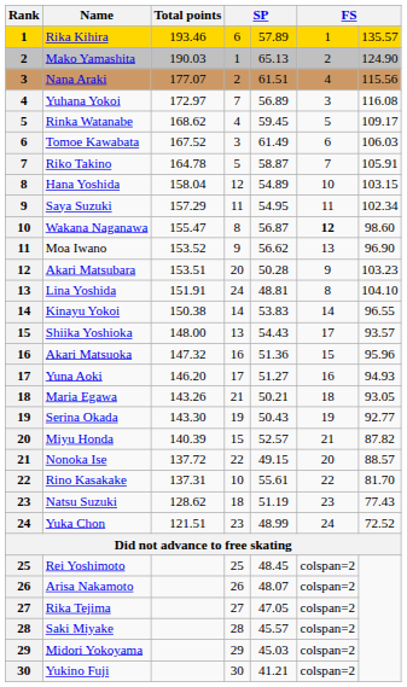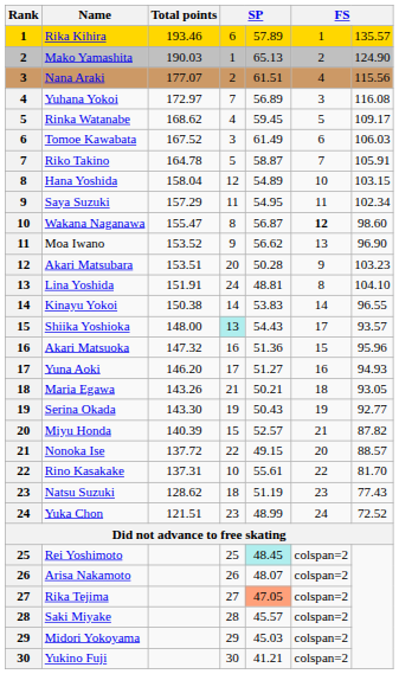 <table class="wikitable sortable">
 <tr>
 <th>Rank</th>
 <th>Name</th>
 <th>Total points</th>
 <th colspan="2" width="80px"><a href='#'>SP</a></th>
 <th colspan="2" width="80px"><a href='#'>FS</a></th>
 </tr>
 <tr bgcolor="gold">
 <td align="center"><strong>1</strong></td>
 <td><a href='#'>Rika Kihira</a></td>
 <td align="center">193.46</td>
 <td align="center">6</td>
 <td align="center">57.89</td>
 <td align="center">1</td>
 <td align="center">135.57</td>
 </tr>
 <tr bgcolor="silver">
 <td align="center"><strong>2</strong></td>
 <td><a href='#'>Mako Yamashita</a></td>
 <td align="center">190.03</td>
 <td align="center">1</td>
 <td align="center">65.13</td>
 <td align="center">2</td>
 <td align="center">124.90</td>
 </tr>
 <tr bgcolor="cc9966">
 <td align="center"><strong>3</strong></td>
 <td><a href='#'>Nana Araki</a></td>
 <td align="center">177.07</td>
 <td align="center">2</td>
 <td align="center">61.51</td>
 <td align="center">4</td>
 <td align="center">115.56</td>
 </tr>
 <tr>
 <th>4</th>
 <td><a href='#'>Yuhana Yokoi</a></td>
 <td align="center">172.97</td>
 <td align="center">7</td>
 <td align="center">56.89</td>
 <td align="center">3</td>
 <td align="center">116.08</td>
 </tr>
 <tr>
 <th>5</th>
 <td><a href='#'>Rinka Watanabe</a></td>
 <td align="center">168.62</td>
 <td align="center">4</td>
 <td align="center">59.45</td>
 <td align="center">5</td>
 <td align="center">109.17</td>
 </tr>
 <tr>
 <th>6</th>
 <td><a href='#'>Tomoe Kawabata</a></td>
 <td align="center">167.52</td>
 <td align="center">3</td>
 <td align="center">61.49</td>
 <td align="center">6</td>
 <td align="center">106.03</td>
 </tr>
 <tr>
 <th>7</th>
 <td><a href='#'>Riko Takino</a></td>
 <td align="center">164.78</td>
 <td align="center">5</td>
 <td align="center">58.87</td>
 <td align="center">7</td>
 <td align="center">105.91</td>
 </tr>
 <tr>
 <th>8</th>
 <td><a href='#'>Hana Yoshida</a></td>
 <td align="center">158.04</td>
 <td align="center">12</td>
 <td align="center">54.89</td>
 <td align="center">10</td>
 <td align="center">103.15</td>
 </tr>
 <tr>
 <th>9</th>
 <td><a href='#'>Saya Suzuki</a></td>
 <td align="center">157.29</td>
 <td align="center">11</td>
 <td align="center">54.95</td>
 <td align="center">11</td>
 <td align="center">102.34</td>
 </tr>
 <tr>
 <th>10</th>
 <td><a href='#'>Wakana Naganawa</a></td>
 <td align="center">155.47</td>
 <td align="center">8</td>
 <td align="center">56.87</td>
 <td align="center"><strong>12</strong></td>
 <td align="center">98.60</td>
 </tr>
 <tr>
 <th>11</th>
 <td>Moa Iwano</td>
 <td align="center">153.52</td>
 <td align="center">9</td>
 <td align="center">56.62</td>
 <td align="center">13</td>
 <td align="center">96.90</td>
 </tr>
 <tr>
 <th>12</th>
 <td><a href='#'>Akari Matsubara</a></td>
 <td align="center">153.51</td>
 <td align="center">20</td>
 <td align="center">50.28</td>
 <td align="center">9</td>
 <td align="center">103.23</td>
 </tr>
 <tr>
 <th>13</th>
 <td><a href='#'>Lina Yoshida</a></td>
 <td align="center">151.91</td>
 <td align="center">24</td>
 <td align="center">48.81</td>
 <td align="center">8</td>
 <td align="center">104.10</td>
 </tr>
 <tr>
 <th>14</th>
 <td><a href='#'>Kinayu Yokoi</a></td>
 <td align="center">150.38</td>
 <td align="center">14</td>
 <td align="center">53.83</td>
 <td align="center">14</td>
 <td align="center">96.55</td>
 </tr>
 <tr>
 <th>15</th>
 <td><a href='#'>Shiika Yoshioka</a></td>
 <td align="center">148.00</td>
-<td align="center">13</td>
+<td align="center" style="background: paleturquoise;">13</td>
 <td align="center">54.43</td>
 <td align="center">17</td>
 <td align="center">93.57</td>
 </tr>
 <tr>
 <th>16</th>
 <td><a href='#'>Akari Matsuoka</a></td>
 <td align="center">147.32</td>
 <td align="center">16</td>
 <td align="center">51.36</td>
 <td align="center">15</td>
 <td align="center">95.96</td>
 </tr>
 <tr>
 <th>17</th>
 <td><a href='#'>Yuna Aoki</a></td>
 <td align="center">146.20</td>
 <td align="center">17</td>
 <td align="center">51.27</td>
 <td align="center">16</td>
 <td align="center">94.93</td>
 </tr>
 <tr>
 <th>18</th>
 <td><a href='#'>Maria Egawa</a></td>
 <td align="center">143.26</td>
 <td align="center">21</td>
 <td align="center">50.21</td>
 <td align="center">18</td>
 <td align="center">93.05</td>
 </tr>
 <tr>
 <th>19</th>
 <td><a href='#'>Serina Okada</a></td>
 <td align="center">143.30</td>
 <td align="center">19</td>
 <td align="center">50.43</td>
 <td align="center">19</td>
 <td align="center">92.77</td>
 </tr>
 <tr>
 <th>20</th>
 <td><a href='#'>Miyu Honda</a></td>
 <td align="center">140.39</td>
 <td align="center">15</td>
 <td align="center">52.57</td>
 <td align="center">21</td>
 <td align="center">87.82</td>
 </tr>
 <tr>
 <th>21</th>
 <td><a href='#'>Nonoka Ise</a></td>
 <td align="center">137.72</td>
 <td align="center">22</td>
 <td align="center">49.15</td>
 <td align="center">20</td>
 <td align="center">88.57</td>
 </tr>
 <tr>
 <th>22</th>
 <td><a href='#'>Rino Kasakake</a></td>
 <td align="center">137.31</td>
 <td align="center">10</td>
 <td align="center">55.61</td>
 <td align="center">22</td>
 <td align="center">81.70</td>
 </tr>
 <tr>
 <th>23</th>
 <td><a href='#'>Natsu Suzuki</a></td>
 <td align="center">128.62</td>
 <td align="center">18</td>
 <td align="center">51.19</td>
 <td align="center">23</td>
 <td align="center">77.43</td>
 </tr>
 <tr>
 <th>24</th>
 <td><a href='#'>Yuka Chon</a></td>
 <td align="center">121.51</td>
 <td align="center">23</td>
 <td align="center">48.99</td>
 <td align="center">24</td>
 <td align="center">72.52</td>
 </tr>
 <tr>
 <th colspan=8>Did not advance to free skating</th>
 </tr>
 <tr>
 <th>25</th>
 <td><a href='#'>Rei Yoshimoto</a></td>
 <td></td>
 <td align="center">25</td>
-<td align="center">48.45</td>
+<td align="center" style="background: paleturquoise;">48.45</td>
 <td>colspan=2 </td>
 </tr>
 <tr>
 <th>26</th>
 <td><a href='#'>Arisa Nakamoto</a></td>
 <td></td>
 <td align="center">26</td>
 <td align="center">48.07</td>
 <td>colspan=2 </td>
 </tr>
 <tr>
 <th>27</th>
 <td><a href='#'>Rika Tejima</a></td>
 <td></td>
 <td align="center">27</td>
-<td align="center">47.05</td>
+<td align="center" style="background: lightsalmon;">47.05</td>
 <td>colspan=2 </td>
 </tr>
 <tr>
 <th>28</th>
 <td><a href='#'>Saki Miyake</a></td>
 <td></td>
 <td align="center">28</td>
 <td align="center">45.57</td>
 <td>colspan=2 </td>
 </tr>
 <tr>
 <th>29</th>
 <td><a href='#'>Midori Yokoyama</a></td>
 <td></td>
 <td align="center">29</td>
 <td align="center">45.03</td>
 <td>colspan=2 </td>
 </tr>
 <tr>
 <th>30</th>
 <td><a href='#'>Yukino Fuji</a></td>
 <td></td>
 <td align="center">30</td>
 <td align="center">41.21</td>
 <td>colspan=2 </td>
 </tr>
 </table>
